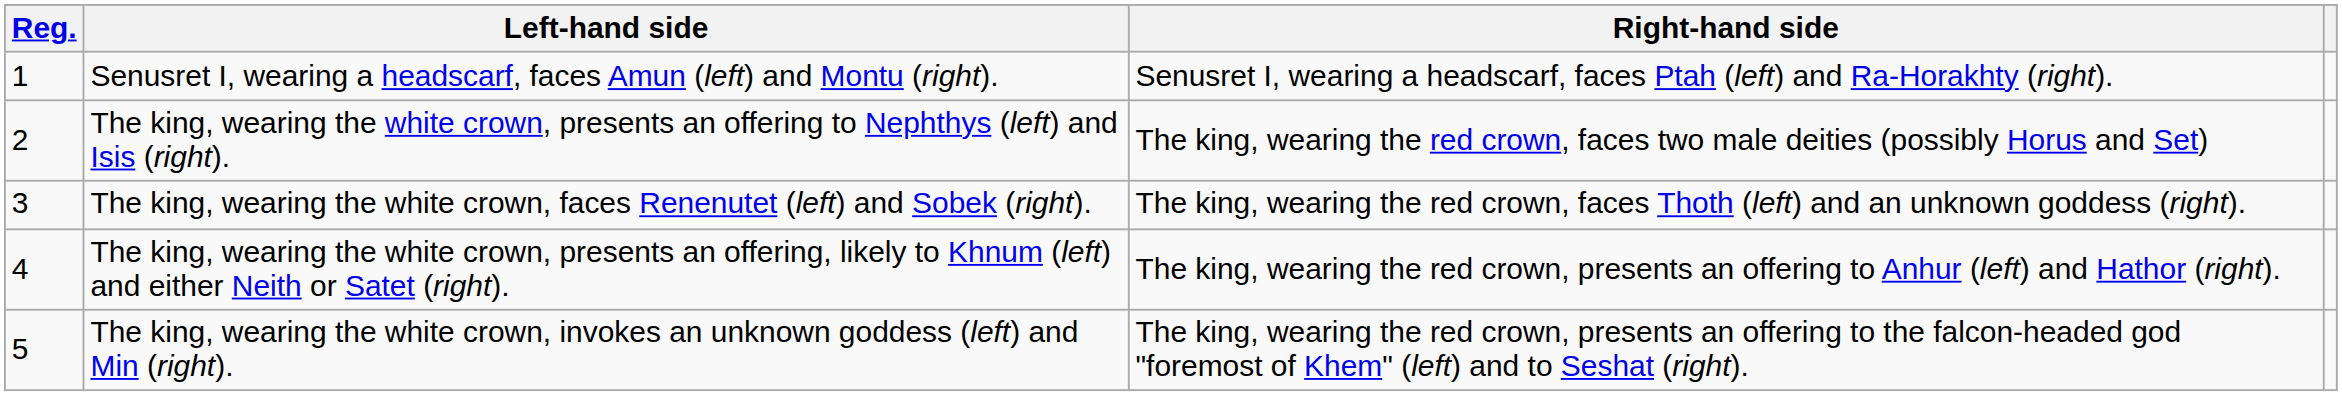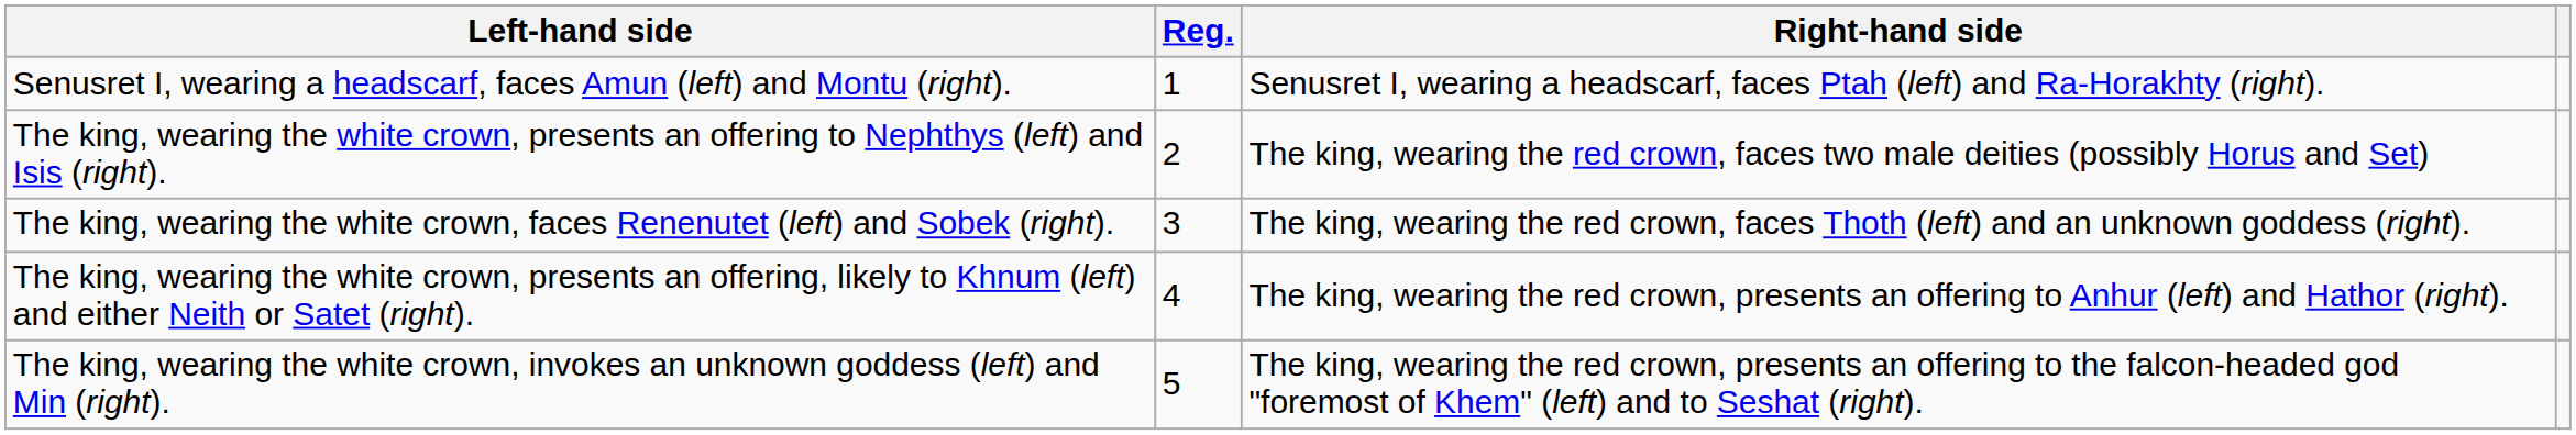 <table class="wikitable">
 <tr>
+<th>Left-hand side</th>
 <th><a href='#'>Reg.</a></th>
-<th>Left-hand side</th>
 <th>Right-hand side</th>
 <th></th>
 </tr>
 <tr>
+<td>Senusret I, wearing a <a href='#'>headscarf</a>, faces <a href='#'>Amun</a> (<em>left</em>) and <a href='#'>Montu</a> (<em>right</em>).</td>
 <td>1</td>
-<td>Senusret I, wearing a <a href='#'>headscarf</a>, faces <a href='#'>Amun</a> (<em>left</em>) and <a href='#'>Montu</a> (<em>right</em>).</td>
 <td>Senusret I, wearing a headscarf, faces <a href='#'>Ptah</a> (<em>left</em>) and <a href='#'>Ra-Horakhty</a> (<em>right</em>).</td>
 <td></td>
 </tr>
 <tr>
+<td>The king, wearing the <a href='#'>white crown</a>, presents an offering to <a href='#'>Nephthys</a> (<em>left</em>) and <a href='#'>Isis</a> (<em>right</em>).</td>
 <td>2</td>
-<td>The king, wearing the <a href='#'>white crown</a>, presents an offering to <a href='#'>Nephthys</a> (<em>left</em>) and <a href='#'>Isis</a> (<em>right</em>).</td>
 <td>The king, wearing the <a href='#'>red crown</a>, faces two male deities (possibly <a href='#'>Horus</a> and <a href='#'>Set</a>)</td>
 <td></td>
 </tr>
 <tr>
+<td>The king, wearing the white crown, faces <a href='#'>Renenutet</a> (<em>left</em>) and <a href='#'>Sobek</a> (<em>right</em>).</td>
 <td>3</td>
-<td>The king, wearing the white crown, faces <a href='#'>Renenutet</a> (<em>left</em>) and <a href='#'>Sobek</a> (<em>right</em>).</td>
 <td>The king, wearing the red crown, faces <a href='#'>Thoth</a> (<em>left</em>) and an unknown goddess (<em>right</em>).</td>
 <td></td>
 </tr>
 <tr>
+<td>The king, wearing the white crown, presents an offering, likely to <a href='#'>Khnum</a> (<em>left</em>) and either <a href='#'>Neith</a> or <a href='#'>Satet</a> (<em>right</em>).</td>
 <td>4</td>
-<td>The king, wearing the white crown, presents an offering, likely to <a href='#'>Khnum</a> (<em>left</em>) and either <a href='#'>Neith</a> or <a href='#'>Satet</a> (<em>right</em>).</td>
 <td>The king, wearing the red crown, presents an offering to <a href='#'>Anhur</a> (<em>left</em>) and <a href='#'>Hathor</a> (<em>right</em>).</td>
 <td></td>
 </tr>
 <tr>
+<td>The king, wearing the white crown, invokes an unknown goddess (<em>left</em>) and <a href='#'>Min</a> (<em>right</em>).</td>
 <td>5</td>
-<td>The king, wearing the white crown, invokes an unknown goddess (<em>left</em>) and <a href='#'>Min</a> (<em>right</em>).</td>
 <td>The king, wearing the red crown, presents an offering to the falcon-headed god "foremost of <a href='#'>Khem</a>" (<em>left</em>) and to <a href='#'>Seshat</a> (<em>right</em>).</td>
 <td></td>
 </tr>
 </table>
